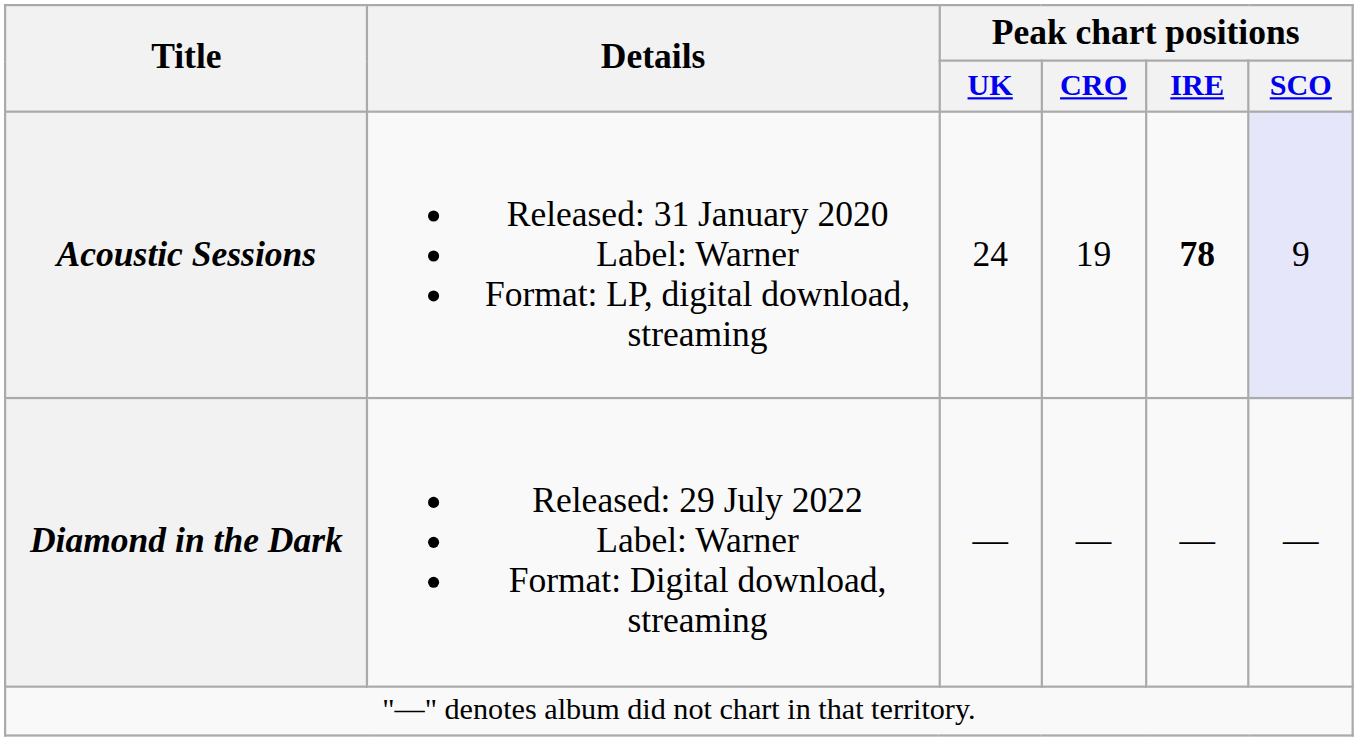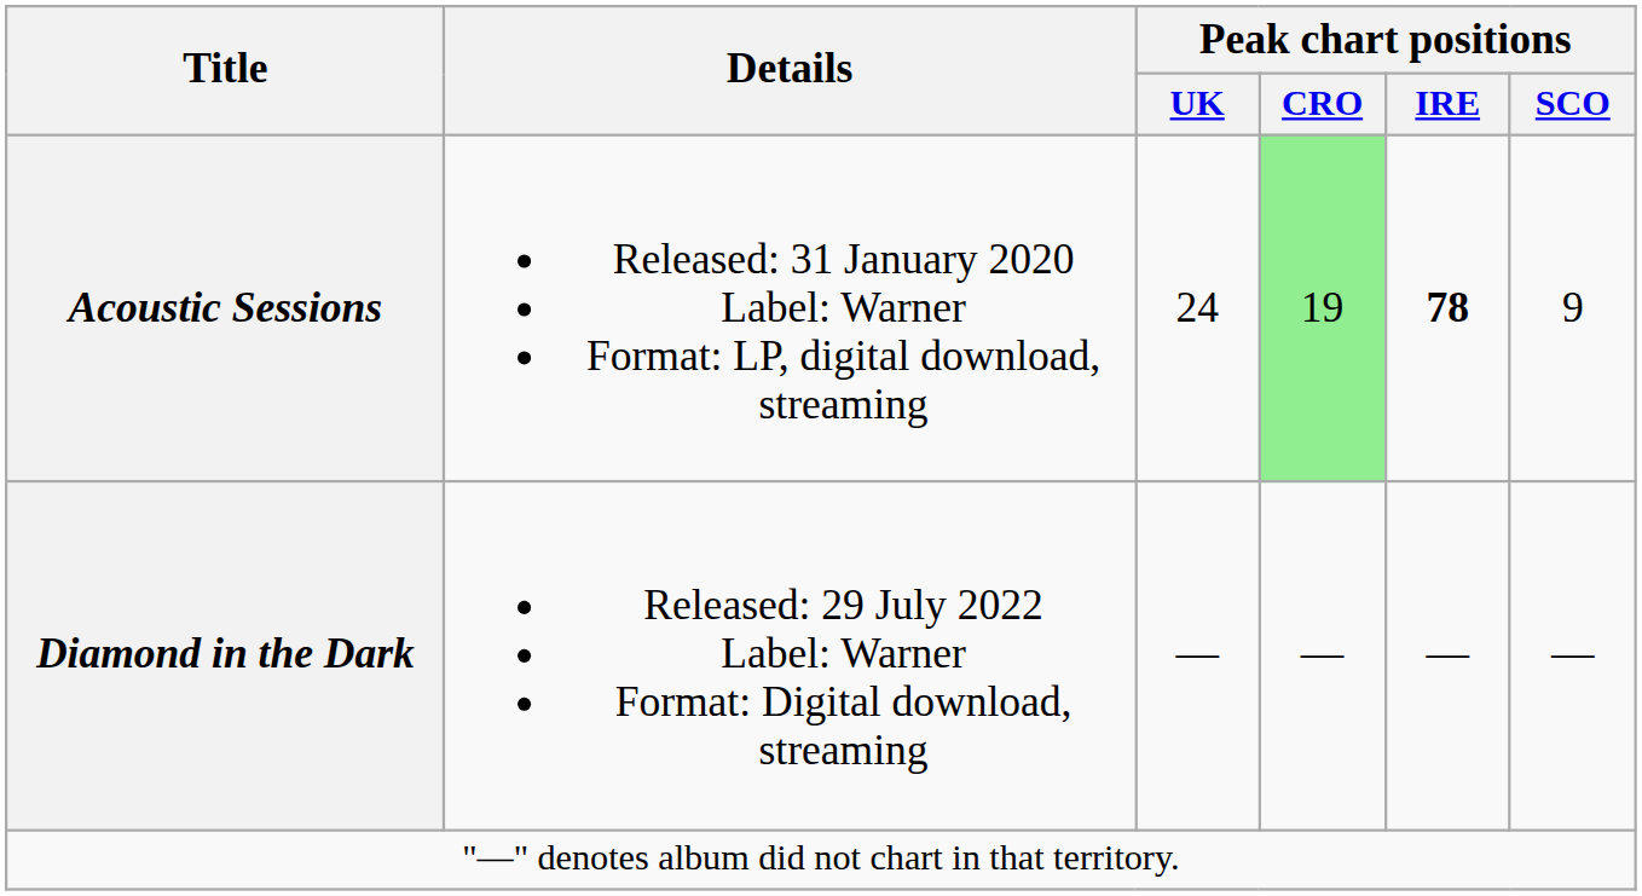 <table class="wikitable plainrowheaders" style="text-align:center;">
 <tr>
 <th scope="col" rowspan="2" style="width:10em;">Title</th>
 <th scope="col" rowspan="2" style="width:16em;">Details</th>
 <th scope="col" colspan="4">Peak chart positions</th>
 </tr>
 <tr>
 <th scope="col" style="width:3em;font-size:85%;"><a href='#'>UK</a><br></th>
 <th scope="col" style="width:3em;font-size:85%;"><a href='#'>CRO</a><br></th>
 <th scope="col" style="width:3em;font-size:85%;"><a href='#'>IRE</a><br></th>
 <th scope="col" style="width:3em;font-size:85%;"><a href='#'>SCO</a><br></th>
 </tr>
 <tr>
 <th scope="row"><em>Acoustic Sessions</em></th>
 <td><br><ul><li>Released: 31 January 2020</li><li>Label: Warner</li><li>Format: LP, digital download, streaming</li></ul></td>
 <td>24</td>
-<td>19</td>
+<td style="background: lightgreen;">19</td>
 <td><strong>78</strong></td>
-<td style="background: lavender;">9</td>
+<td>9</td>
 </tr>
 <tr>
 <th scope="row"><em>Diamond in the Dark</em></th>
 <td><br><ul><li>Released: 29 July 2022</li><li>Label: Warner</li><li>Format: Digital download, streaming</li></ul></td>
 <td>—</td>
 <td>—</td>
 <td>—</td>
 <td>—</td>
 </tr>
 <tr>
 <td colspan="12" style="font-size:85%">"—" denotes album did not chart in that territory.</td>
 </tr>
 </table>
